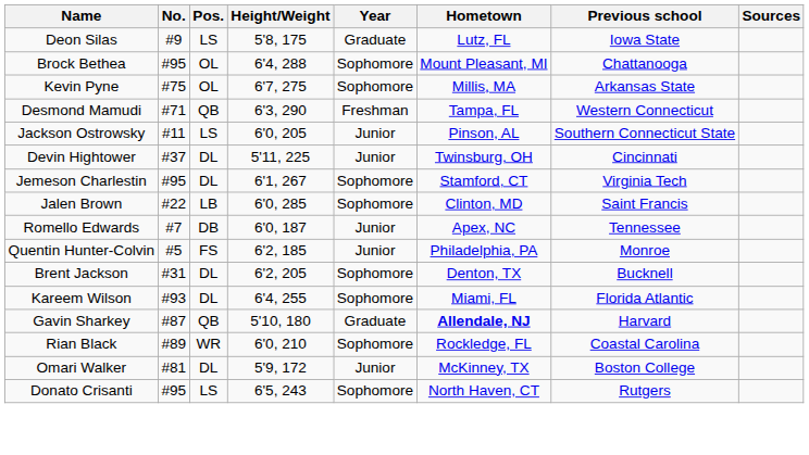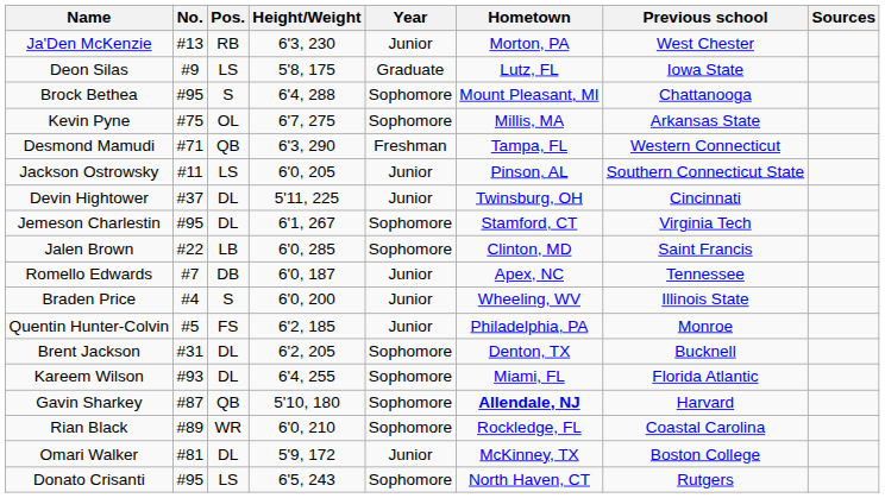 <table class="wikitable sortable sortable" style="text-align: center">
 <tr align=center>
 <th style="text-align:center; ">Name</th>
 <th style="text-align:center; ">No.</th>
 <th style="text-align:center; ">Pos.</th>
 <th style="text-align:center; ">Height/Weight</th>
 <th style="text-align:center; ">Year</th>
 <th style="text-align:center; ">Hometown</th>
 <th style="text-align:center; ">Previous school</th>
 <th style="text-align:center; ">Sources</th>
+</tr>
+<tr>
+<td><a href='#'>Ja'Den McKenzie</a></td>
+<td>#13</td>
+<td>RB</td>
+<td>6'3, 230</td>
+<td> Junior</td>
+<td><a href='#'>Morton, PA</a></td>
+<td><a href='#'>West Chester</a></td>
+<td></td>
 </tr>
 <tr>
 <td>Deon Silas</td>
 <td>#9</td>
 <td>LS</td>
 <td>5'8, 175</td>
 <td>Graduate</td>
 <td><a href='#'>Lutz, FL</a></td>
 <td><a href='#'>Iowa State</a></td>
 <td></td>
 </tr>
 <tr>
 <td>Brock Bethea</td>
 <td>#95</td>
-<td>OL</td>
+<td>S</td>
 <td>6'4, 288</td>
 <td>Sophomore</td>
 <td><a href='#'>Mount Pleasant, MI</a></td>
 <td><a href='#'>Chattanooga</a></td>
 <td></td>
 </tr>
 <tr>
 <td Kevin Pyne>Kevin Pyne</td>
 <td>#75</td>
 <td>OL</td>
 <td>6'7, 275</td>
 <td> Sophomore</td>
 <td><a href='#'>Millis, MA</a></td>
 <td><a href='#'>Arkansas State</a></td>
 <td></td>
 </tr>
 <tr>
 <td>Desmond Mamudi</td>
 <td>#71</td>
 <td>QB</td>
 <td>6'3, 290</td>
 <td> Freshman</td>
 <td><a href='#'>Tampa, FL</a></td>
 <td><a href='#'>Western Connecticut</a></td>
 <td></td>
 </tr>
 <tr>
 <td>Jackson Ostrowsky</td>
 <td>#11</td>
 <td>LS</td>
 <td>6'0, 205</td>
 <td>Junior</td>
 <td><a href='#'>Pinson, AL</a></td>
 <td><a href='#'>Southern Connecticut State</a></td>
 <td></td>
 </tr>
 <tr>
 <td>Devin Hightower</td>
 <td>#37</td>
 <td>DL</td>
 <td>5'11, 225</td>
 <td> Junior</td>
 <td><a href='#'>Twinsburg, OH</a></td>
 <td><a href='#'>Cincinnati</a></td>
 <td></td>
 </tr>
 <tr>
 <td>Jemeson Charlestin</td>
 <td>#95</td>
 <td>DL</td>
 <td>6'1, 267</td>
 <td>Sophomore</td>
 <td><a href='#'>Stamford, CT</a></td>
 <td><a href='#'>Virginia Tech</a></td>
 <td></td>
 </tr>
 <tr>
 <td>Jalen Brown</td>
 <td>#22</td>
 <td>LB</td>
 <td>6'0, 285</td>
 <td>Sophomore</td>
 <td><a href='#'>Clinton, MD</a></td>
 <td><a href='#'>Saint Francis</a></td>
 <td></td>
 </tr>
 <tr>
 <td>Romello Edwards</td>
 <td>#7</td>
 <td>DB</td>
 <td>6'0, 187</td>
 <td> Junior</td>
 <td><a href='#'>Apex, NC</a></td>
 <td><a href='#'>Tennessee</a></td>
 <td></td>
 </tr>
 <tr>
+<td>Braden Price</td>
+<td>#4</td>
+<td>S</td>
+<td>6'0, 200</td>
+<td> Junior</td>
+<td><a href='#'>Wheeling, WV</a></td>
+<td><a href='#'>Illinois State</a></td>
+<td></td>
+</tr>
+<tr>
 <td>Quentin Hunter-Colvin</td>
 <td>#5</td>
 <td>FS</td>
 <td>6'2, 185</td>
 <td> Junior</td>
 <td><a href='#'>Philadelphia, PA</a></td>
 <td><a href='#'>Monroe</a></td>
 <td></td>
 </tr>
 <tr>
 <td>Brent Jackson</td>
 <td>#31</td>
 <td>DL</td>
 <td>6'2, 205</td>
 <td>Sophomore</td>
 <td><a href='#'>Denton, TX</a></td>
 <td><a href='#'>Bucknell</a></td>
 <td></td>
 </tr>
 <tr>
 <td>Kareem Wilson</td>
 <td>#93</td>
 <td>DL</td>
 <td>6'4, 255</td>
 <td>Sophomore</td>
 <td><a href='#'>Miami, FL</a></td>
 <td><a href='#'>Florida Atlantic</a></td>
 <td></td>
 </tr>
 <tr>
 <td>Gavin Sharkey</td>
 <td>#87</td>
 <td>QB</td>
 <td>5'10, 180</td>
-<td>Graduate</td>
+<td>Sophomore</td>
 <td><strong><a href='#'>Allendale, NJ</a></strong></td>
 <td><a href='#'>Harvard</a></td>
 <td></td>
 </tr>
 <tr>
 <td>Rian Black</td>
 <td>#89</td>
 <td>WR</td>
 <td>6'0, 210</td>
 <td>Sophomore</td>
 <td><a href='#'>Rockledge, FL</a></td>
 <td><a href='#'>Coastal Carolina</a></td>
 <td></td>
 </tr>
 <tr>
 <td>Omari Walker</td>
 <td>#81</td>
 <td>DL</td>
 <td>5'9, 172</td>
 <td>Junior</td>
 <td><a href='#'>McKinney, TX</a></td>
 <td><a href='#'>Boston College</a></td>
 <td></td>
 </tr>
 <tr>
 <td>Donato Crisanti</td>
 <td>#95</td>
 <td>LS</td>
 <td>6'5, 243</td>
 <td> Sophomore</td>
 <td><a href='#'>North Haven, CT</a></td>
 <td><a href='#'>Rutgers</a></td>
 <td></td>
 </tr>
 </table>
